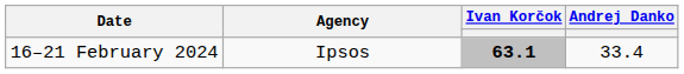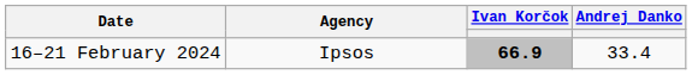 <table class="wikitable" style="text-align:center;">
 <tr style="font-size:80%;">
 <th style="width:150px;" rowspan="2">Date</th>
 <th style="width:165px;" rowspan="2">Agency</th>
 <th><a href='#'>Ivan Korčok</a></th>
 <th><a href='#'>Andrej Danko</a></th>
 </tr>
 <tr>
 <th style="background:"></th>
 <th style="background:"></th>
 </tr>
 <tr>
 <td>16–21 February 2024</td>
 <td>Ipsos</td>
-<td style="background:#C0C0C0;"><strong>63.1</strong></td>
+<td style="background:#C0C0C0;"><strong>66.9</strong></td>
 <td>33.4</td>
 </tr>
 </table>
